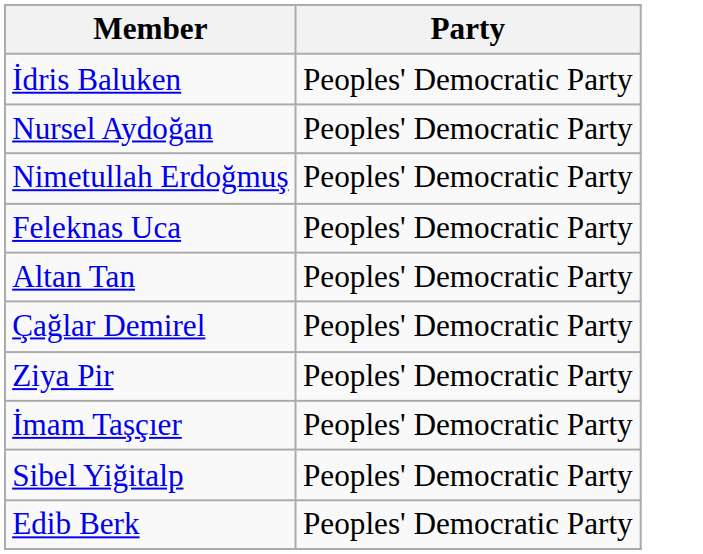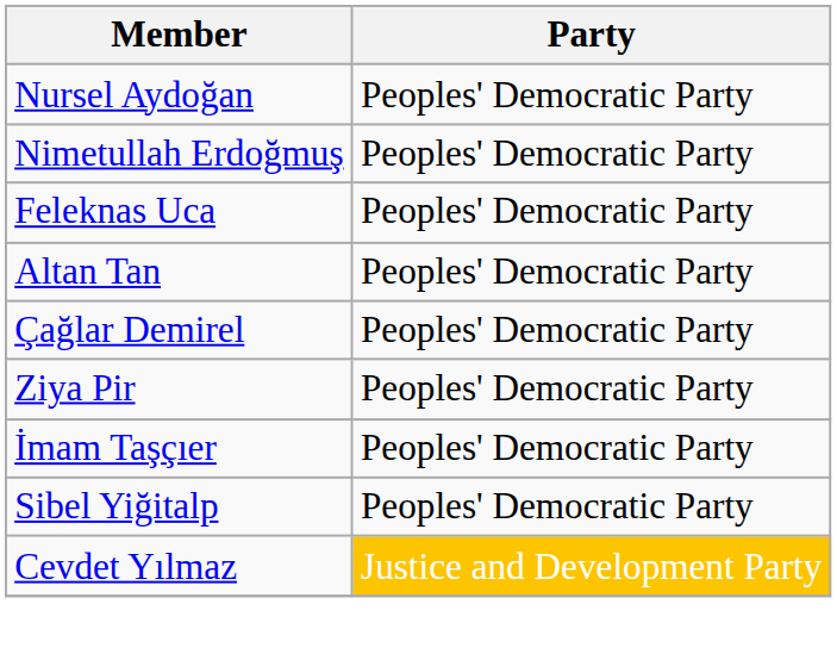 <table class="wikitable">
 <tr>
 <th>Member</th>
 <th>Party</th>
-</tr>
-<tr>
-<td><a href='#'>İdris Baluken</a></td>
-<td style="background:">Peoples' Democratic Party</td>
 </tr>
 <tr>
 <td><a href='#'>Nursel Aydoğan</a></td>
 <td style="background:">Peoples' Democratic Party</td>
 </tr>
 <tr>
 <td><a href='#'>Nimetullah Erdoğmuş</a></td>
 <td style="background:">Peoples' Democratic Party</td>
 </tr>
 <tr>
 <td><a href='#'>Feleknas Uca</a></td>
 <td style="background:">Peoples' Democratic Party</td>
 </tr>
 <tr>
 <td><a href='#'>Altan Tan</a></td>
 <td style="background:">Peoples' Democratic Party</td>
 </tr>
 <tr>
 <td><a href='#'>Çağlar Demirel</a></td>
 <td style="background:">Peoples' Democratic Party</td>
 </tr>
 <tr>
 <td><a href='#'>Ziya Pir</a></td>
 <td style="background:">Peoples' Democratic Party</td>
 </tr>
 <tr>
 <td><a href='#'>İmam Taşçıer</a></td>
 <td style="background:">Peoples' Democratic Party</td>
 </tr>
 <tr>
 <td><a href='#'>Sibel Yiğitalp</a></td>
 <td style="background:">Peoples' Democratic Party</td>
 </tr>
 <tr>
-<td><a href='#'>Edib Berk</a></td>
-<td style="background:">Peoples' Democratic Party</td>
+<td><a href='#'>Cevdet Yılmaz</a></td>
+<td style="background:#FDC400; color:white">Justice and Development Party</td>
 </tr>
 <tr>
 </tr>
 </table>
